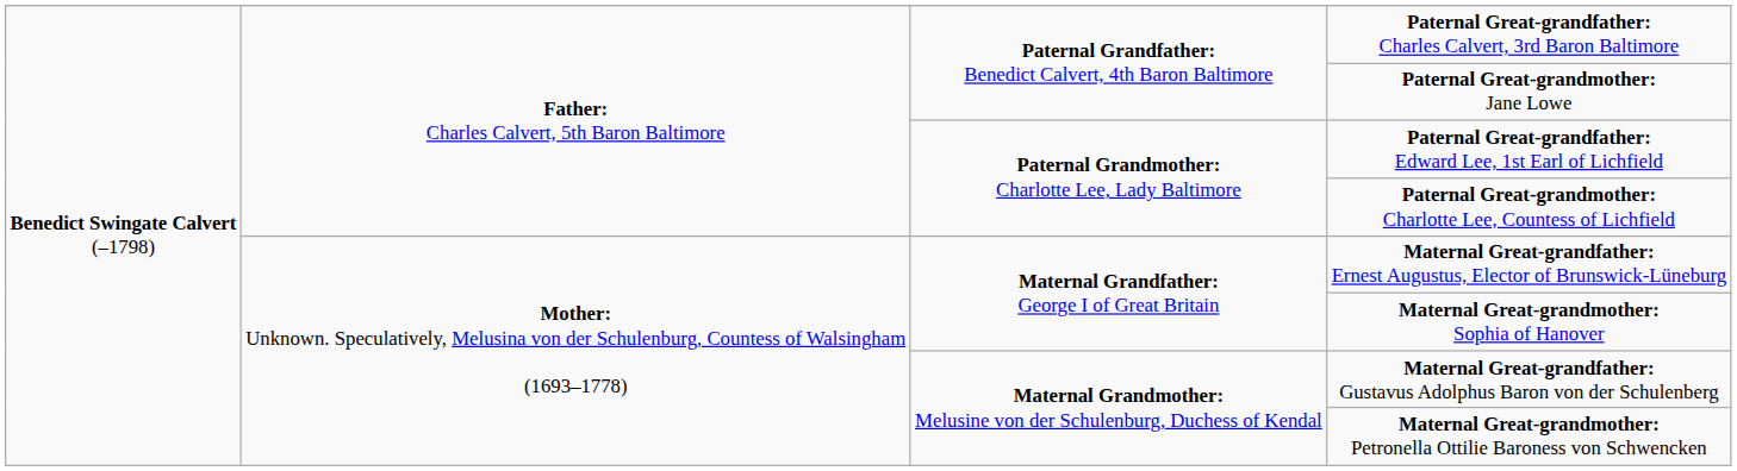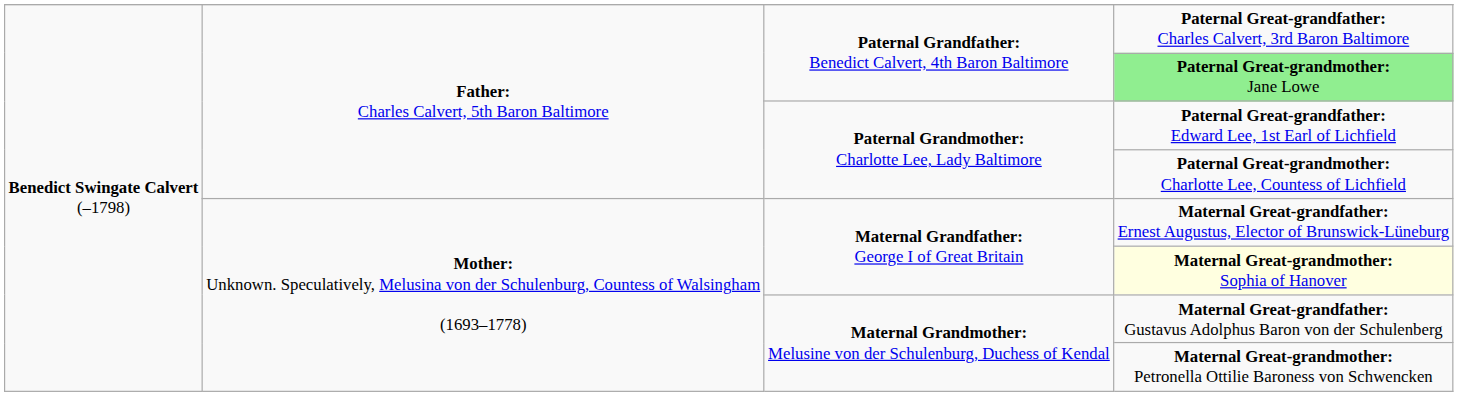 <table class="wikitable" style="font-size:88%">
 <tr>
 </tr>
 <tr>
 <td rowspan=8 align="center"><strong>Benedict Swingate Calvert</strong><br> (–1798)</td>
 <td rowspan=4 align="center"><strong>Father:</strong> <br> <a href='#'>Charles Calvert, 5th Baron Baltimore</a><br></td>
 <td rowspan=2 align="center"><strong>Paternal Grandfather:</strong><br><a href='#'>Benedict Calvert, 4th Baron Baltimore</a></td>
 <td align="center"><strong>Paternal Great-grandfather:</strong><br><a href='#'>Charles Calvert, 3rd Baron Baltimore</a></td>
 </tr>
 <tr>
-<td align="center"><strong>Paternal Great-grandmother:</strong><br>Jane Lowe</td>
+<td align="center" style="background: lightgreen;"><strong>Paternal Great-grandmother:</strong><br>Jane Lowe</td>
 </tr>
 <tr>
 <td rowspan=2 align="center"><strong>Paternal Grandmother:</strong><br><a href='#'>Charlotte Lee, Lady Baltimore</a></td>
 <td align="center"><strong>Paternal Great-grandfather:</strong><br><a href='#'>Edward Lee, 1st Earl of Lichfield</a></td>
 </tr>
 <tr>
 <td align="center"><strong>Paternal Great-grandmother:</strong><br><a href='#'>Charlotte Lee, Countess of Lichfield</a></td>
 </tr>
 <tr>
 <td rowspan=4 align="center"><strong>Mother:</strong><br>Unknown. Speculatively, <a href='#'>Melusina von der Schulenburg, Countess of Walsingham</a><br><br>(1693–1778)</td>
 <td rowspan=2 align="center"><strong>Maternal Grandfather:</strong><br><a href='#'>George I of Great Britain</a></td>
 <td align="center"><strong>Maternal Great-grandfather:</strong><br><a href='#'>Ernest Augustus, Elector of Brunswick-Lüneburg</a></td>
 </tr>
 <tr>
-<td align="center"><strong>Maternal Great-grandmother:</strong><br><a href='#'>Sophia of Hanover</a></td>
+<td align="center" style="background: lightyellow;"><strong>Maternal Great-grandmother:</strong><br><a href='#'>Sophia of Hanover</a></td>
 </tr>
 <tr>
 <td rowspan=2 align="center"><strong>Maternal Grandmother:</strong><br><a href='#'>Melusine von der Schulenburg, Duchess of Kendal</a></td>
 <td align="center"><strong>Maternal Great-grandfather:</strong><br>Gustavus Adolphus Baron von der Schulenberg</td>
 </tr>
 <tr>
 <td align="center"><strong>Maternal Great-grandmother:</strong><br>Petronella Ottilie Baroness von Schwencken</td>
 </tr>
 </table>
